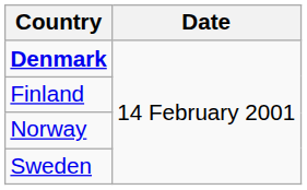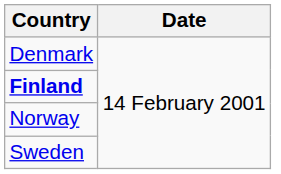 <table class="wikitable">
 <tr>
 <th>Country</th>
 <th>Date</th>
 </tr>
 <tr>
-<td><strong><a href='#'>Denmark</a></strong></td>
+<td><a href='#'>Denmark</a></td>
 <td rowspan="4">14 February 2001</td>
 </tr>
 <tr>
-<td><a href='#'>Finland</a></td>
+<td><strong><a href='#'>Finland</a></strong></td>
 </tr>
 <tr>
 <td><a href='#'>Norway</a></td>
 </tr>
 <tr>
 <td><a href='#'>Sweden</a></td>
 </tr>
 </table>
